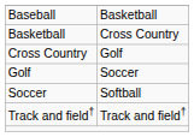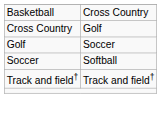 <table class="wikitable">
 <tr>
-</tr>
-<tr>
-<td>Baseball</td>
-<td>Basketball</td>
 </tr>
 <tr>
 <td>Basketball</td>
 <td>Cross Country</td>
 </tr>
 <tr>
 <td>Cross Country</td>
 <td>Golf</td>
 </tr>
 <tr>
 <td>Golf</td>
 <td>Soccer</td>
 </tr>
 <tr>
 <td>Soccer</td>
 <td>Softball</td>
 </tr>
 <tr>
 <td>Track and field<sup>†</sup></td>
 <td>Track and field<sup>†</sup></td>
 </tr>
 <tr>
 <td colspan="2"></td>
 </tr>
 </table>
